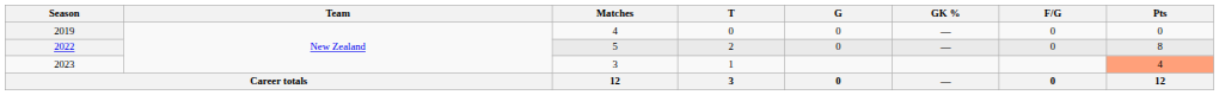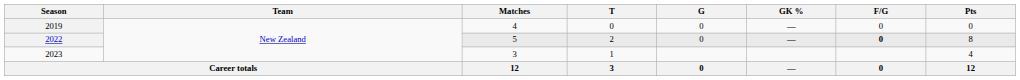 <table class="wikitable sortable"  style="font-size:90%; text-align:center; width:85%;">
 <tr>
 <th width=2%>Season</th>
 <th width=8%>Team</th>
 <th width=2%>Matches</th>
 <th width=2%>T</th>
 <th width=2%>G</th>
 <th width=2%>GK %</th>
 <th width=2%>F/G</th>
 <th width=2%>Pts</th>
 </tr>
 <tr>
 <th scope="row" style="text-align:center; font-weight:normal">2019</th>
 <td rowspan="3" style="text-align:center;"> <a href='#'>New Zealand</a></td>
 <td>4</td>
 <td>0</td>
 <td>0</td>
 <td>—</td>
 <td>0</td>
 <td>0</td>
 </tr>
 <tr style="background:#eaeaea;">
 <th scope="row" style="text-align:center; font-weight:normal"><a href='#'>2022</a></th>
 <td>5</td>
 <td>2</td>
 <td>0</td>
 <td>—</td>
-<td>0</td>
+<td><strong>0</strong></td>
 <td>8</td>
 </tr>
 <tr>
 <td>2023</td>
 <td>3</td>
 <td>1</td>
 <td></td>
 <td></td>
 <td></td>
-<td style="background: lightsalmon;">4</td>
+<td>4</td>
 </tr>
 <tr class="sortbottom">
 <th colspan="2">Career totals</th>
 <th>12</th>
 <th>3</th>
 <th>0</th>
 <th>—</th>
 <th>0</th>
 <th>12</th>
 </tr>
 </table>
